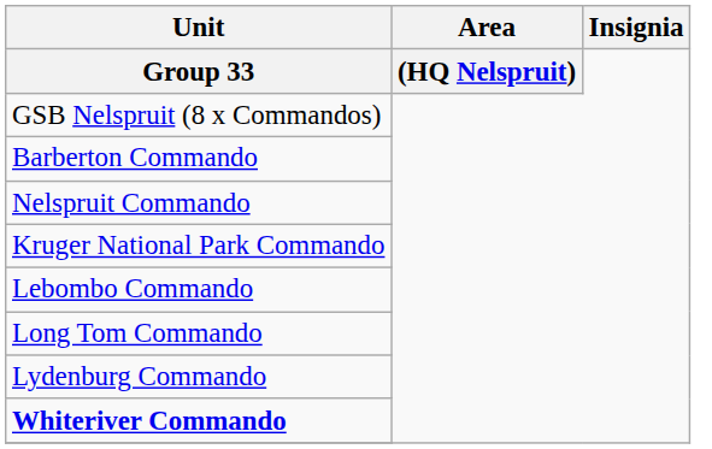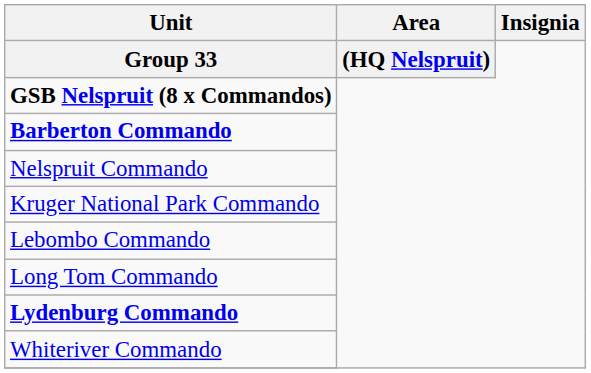 <table class="wikitable">
 <tr>
 <th>Unit</th>
 <th>Area</th>
 <th>Insignia</th>
 </tr>
 <tr>
 <th>Group 33</th>
 <th>(HQ <a href='#'>Nelspruit</a>)</th>
 </tr>
 <tr>
-<td>GSB <a href='#'>Nelspruit</a> (8 x Commandos)</td>
+<td><strong>GSB <a href='#'>Nelspruit</a> (8 x Commandos)</strong></td>
 </tr>
 <tr>
-<td><a href='#'>Barberton Commando</a></td>
+<td><strong><a href='#'>Barberton Commando</a></strong></td>
 </tr>
 <tr>
 <td><a href='#'>Nelspruit Commando</a></td>
 </tr>
 <tr>
 <td><a href='#'>Kruger National Park Commando</a></td>
 </tr>
 <tr>
 <td><a href='#'>Lebombo Commando</a></td>
 </tr>
 <tr>
 <td><a href='#'>Long Tom Commando</a></td>
 </tr>
 <tr>
-<td><a href='#'>Lydenburg Commando</a></td>
+<td><strong><a href='#'>Lydenburg Commando</a></strong></td>
 </tr>
 <tr>
-<td><strong><a href='#'>Whiteriver Commando</a></strong></td>
+<td><a href='#'>Whiteriver Commando</a></td>
 </tr>
 <tr>
 </tr>
 </table>
